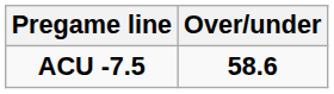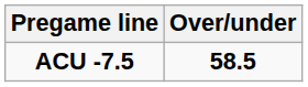 <table class="wikitable">
 <tr align="center">
 <th>Pregame line</th>
 <th>Over/under</th>
 </tr>
 <tr align="center">
 <td><strong>ACU -7.5</strong></td>
-<td><strong>58.6</strong></td>
+<td><strong>58.5</strong></td>
 </tr>
 </table>
